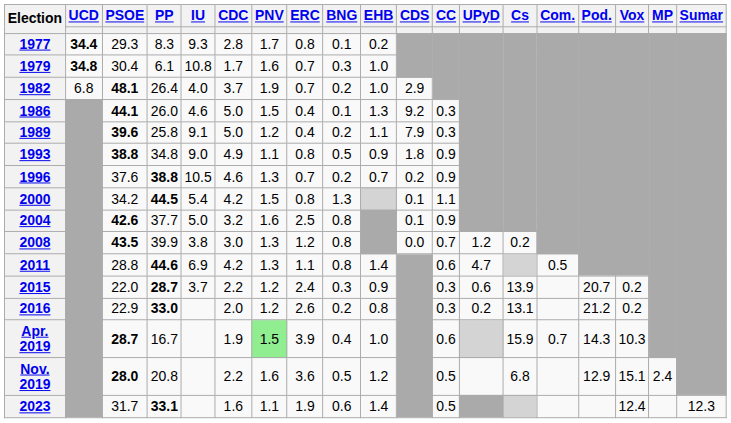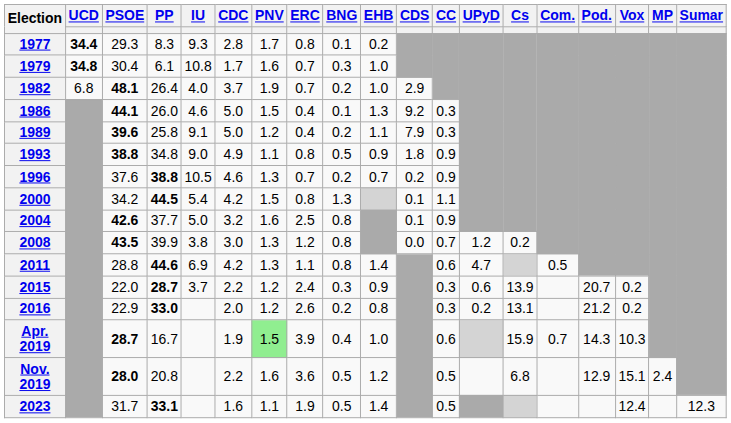 <table class="wikitable" style="text-align:center; font-size:90%;">
 <tr>
 <th rowspan="2">Election</th>
 <th width="40px"><a href='#'>UCD</a></th>
 <th width="40px"><a href='#'>PSOE</a></th>
 <th width="40px"><a href='#'>PP</a></th>
 <th width="40px"><a href='#'>IU</a></th>
 <th width="40px"><a href='#'>CDC</a></th>
 <th width="40px"><a href='#'>PNV</a></th>
 <th width="40px"><a href='#'>ERC</a></th>
 <th width="40px"><a href='#'>BNG</a></th>
 <th width="40px"><a href='#'>EHB</a></th>
 <th width="40px"><a href='#'>CDS</a></th>
 <th width="40px"><a href='#'>CC</a></th>
 <th width="40px"><a href='#'>UPyD</a></th>
 <th width="40px"><a href='#'>Cs</a></th>
 <th width="40px"><a href='#'>Com.</a></th>
 <th width="40px"><a href='#'>Pod.</a></th>
 <th width="40px"><a href='#'>Vox</a></th>
 <th width="40px"><a href='#'>MP</a></th>
 <th width="40px"><a href='#'>Sumar</a></th>
 </tr>
 <tr>
 <th style="background:"></th>
 <th style="background:"></th>
 <th style="background:"></th>
 <th style="background:"></th>
 <th style="background:"></th>
 <th style="background:"></th>
 <th style="background:"></th>
 <th style="background:"></th>
 <th style="background:"></th>
 <th style="background:"></th>
 <th style="background:"></th>
 <th style="background:"></th>
 <th style="background:"></th>
 <th style="background:"></th>
 <th style="background:"></th>
 <th style="background:"></th>
 <th style="background:"></th>
 <th style="background:"></th>
 </tr>
 <tr>
 <th><a href='#'>1977</a></th>
 <td><strong>34.4</strong></td>
 <td>29.3</td>
 <td>8.3</td>
 <td>9.3</td>
 <td>2.8</td>
 <td>1.7</td>
 <td>0.8</td>
 <td>0.1</td>
 <td>0.2</td>
 <td rowspan="2" bgcolor="#AAAAAA"></td>
 <td rowspan="3" bgcolor="#AAAAAA"></td>
 <td rowspan="9" bgcolor="#AAAAAA"></td>
 <td rowspan="9" bgcolor="#AAAAAA"></td>
 <td rowspan="10" bgcolor="#AAAAAA"></td>
 <td rowspan="11" bgcolor="#AAAAAA"></td>
 <td rowspan="11" bgcolor="#AAAAAA"></td>
 <td rowspan="14" bgcolor="#AAAAAA"></td>
 <td rowspan="15" bgcolor="#AAAAAA"></td>
 </tr>
 <tr>
 <th><a href='#'>1979</a></th>
 <td><strong>34.8</strong></td>
 <td>30.4</td>
 <td>6.1</td>
 <td>10.8</td>
 <td>1.7</td>
 <td>1.6</td>
 <td>0.7</td>
 <td>0.3</td>
 <td>1.0</td>
 </tr>
 <tr>
 <th><a href='#'>1982</a></th>
 <td>6.8</td>
 <td><strong>48.1</strong></td>
 <td>26.4</td>
 <td>4.0</td>
 <td>3.7</td>
 <td>1.9</td>
 <td>0.7</td>
 <td>0.2</td>
 <td>1.0</td>
 <td>2.9</td>
 </tr>
 <tr>
 <th><a href='#'>1986</a></th>
 <td rowspan="13" bgcolor="#AAAAAA"></td>
 <td><strong>44.1</strong></td>
 <td>26.0</td>
 <td>4.6</td>
 <td>5.0</td>
 <td>1.5</td>
 <td>0.4</td>
 <td>0.1</td>
 <td>1.3</td>
 <td>9.2</td>
 <td>0.3</td>
 </tr>
 <tr>
 <th><a href='#'>1989</a></th>
 <td><strong>39.6</strong></td>
 <td>25.8</td>
 <td>9.1</td>
 <td>5.0</td>
 <td>1.2</td>
 <td>0.4</td>
 <td>0.2</td>
 <td>1.1</td>
 <td>7.9</td>
 <td>0.3</td>
 </tr>
 <tr>
 <th><a href='#'>1993</a></th>
 <td><strong>38.8</strong></td>
 <td>34.8</td>
 <td>9.0</td>
 <td>4.9</td>
 <td>1.1</td>
 <td>0.8</td>
 <td>0.5</td>
 <td>0.9</td>
 <td>1.8</td>
 <td>0.9</td>
 </tr>
 <tr>
 <th><a href='#'>1996</a></th>
 <td>37.6</td>
 <td><strong>38.8</strong></td>
 <td>10.5</td>
 <td>4.6</td>
 <td>1.3</td>
 <td>0.7</td>
 <td>0.2</td>
 <td>0.7</td>
 <td>0.2</td>
 <td>0.9</td>
 </tr>
 <tr>
 <th><a href='#'>2000</a></th>
 <td>34.2</td>
 <td><strong>44.5</strong></td>
 <td>5.4</td>
 <td>4.2</td>
 <td>1.5</td>
 <td>0.8</td>
 <td>1.3</td>
 <td bgcolor="#D4D4D4"></td>
 <td>0.1</td>
 <td>1.1</td>
 </tr>
 <tr>
 <th><a href='#'>2004</a></th>
 <td><strong>42.6</strong></td>
 <td>37.7</td>
 <td>5.0</td>
 <td>3.2</td>
 <td>1.6</td>
 <td>2.5</td>
 <td>0.8</td>
 <td rowspan="2" bgcolor="#AAAAAA"></td>
 <td>0.1</td>
 <td>0.9</td>
 </tr>
 <tr>
 <th><a href='#'>2008</a></th>
 <td><strong>43.5</strong></td>
 <td>39.9</td>
 <td>3.8</td>
 <td>3.0</td>
 <td>1.3</td>
 <td>1.2</td>
 <td>0.8</td>
 <td>0.0</td>
 <td>0.7</td>
 <td>1.2</td>
 <td>0.2</td>
 </tr>
 <tr>
 <th><a href='#'>2011</a></th>
 <td>28.8</td>
 <td><strong>44.6</strong></td>
 <td>6.9</td>
 <td>4.2</td>
 <td>1.3</td>
 <td>1.1</td>
 <td>0.8</td>
 <td>1.4</td>
 <td rowspan="6" bgcolor="#AAAAAA"></td>
 <td>0.6</td>
 <td>4.7</td>
 <td bgcolor="#D4D4D4"></td>
 <td>0.5</td>
 </tr>
 <tr>
 <th><a href='#'>2015</a></th>
 <td>22.0</td>
 <td><strong>28.7</strong></td>
 <td>3.7</td>
 <td>2.2</td>
 <td>1.2</td>
 <td>2.4</td>
 <td>0.3</td>
 <td>0.9</td>
 <td>0.3</td>
 <td>0.6</td>
 <td>13.9</td>
 <td></td>
 <td>20.7</td>
 <td>0.2</td>
 </tr>
 <tr>
 <th><a href='#'>2016</a></th>
 <td>22.9</td>
 <td><strong>33.0</strong></td>
 <td></td>
 <td>2.0</td>
 <td>1.2</td>
 <td>2.6</td>
 <td>0.2</td>
 <td>0.8</td>
 <td>0.3</td>
 <td>0.2</td>
 <td>13.1</td>
 <td></td>
 <td>21.2</td>
 <td>0.2</td>
 </tr>
 <tr>
 <th><a href='#'>Apr. 2019</a></th>
 <td><strong>28.7</strong></td>
 <td>16.7</td>
 <td></td>
 <td>1.9</td>
 <td style="background: lightgreen;">1.5</td>
 <td>3.9</td>
 <td>0.4</td>
 <td>1.0</td>
 <td>0.6</td>
 <td bgcolor="#D4D4D4"></td>
 <td>15.9</td>
 <td>0.7</td>
 <td>14.3</td>
 <td>10.3</td>
 </tr>
 <tr>
 <th><a href='#'>Nov. 2019</a></th>
 <td><strong>28.0</strong></td>
 <td>20.8</td>
 <td></td>
 <td>2.2</td>
 <td>1.6</td>
 <td>3.6</td>
 <td>0.5</td>
 <td>1.2</td>
 <td>0.5</td>
 <td></td>
 <td>6.8</td>
 <td></td>
 <td>12.9</td>
 <td>15.1</td>
 <td>2.4</td>
 </tr>
 <tr>
 <th><a href='#'>2023</a></th>
 <td>31.7</td>
 <td><strong>33.1</strong></td>
 <td></td>
 <td>1.6</td>
 <td>1.1</td>
 <td>1.9</td>
-<td>0.6</td>
+<td>0.5</td>
 <td>1.4</td>
 <td>0.5</td>
 <td rowspan="1" bgcolor="#AAAAAA"></td>
 <td bgcolor="#D4D4D4"></td>
 <td></td>
 <td></td>
 <td>12.4</td>
 <td></td>
 <td>12.3</td>
 </tr>
 </table>
